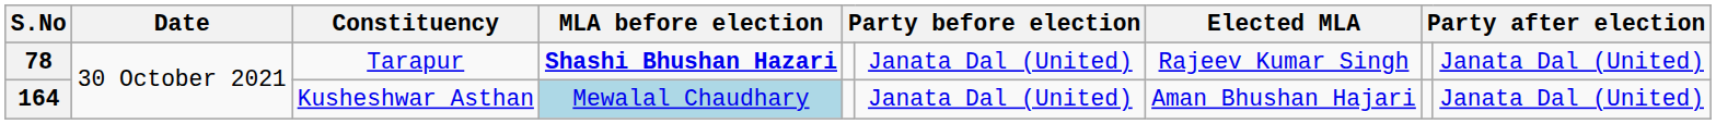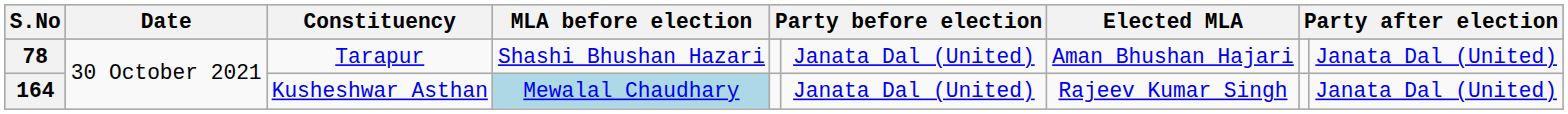 <table class="wikitable sortable" style="text-align:center;">
 <tr>
 <th>S.No</th>
 <th>Date</th>
 <th>Constituency</th>
 <th>MLA before election</th>
 <th colspan="2">Party before election</th>
 <th>Elected MLA</th>
 <th colspan="2">Party after election</th>
 </tr>
 <tr>
 <th>78</th>
 <td Rowspan=2>30 October 2021</td>
 <td><a href='#'>Tarapur</a></td>
-<td><strong><a href='#'>Shashi Bhushan Hazari</a></strong></td>
+<td><a href='#'>Shashi Bhushan Hazari</a></td>
 <td bgcolor=></td>
 <td><a href='#'>Janata Dal (United)</a></td>
-<td><a href='#'>Rajeev Kumar Singh</a></td>
+<td><a href='#'>Aman Bhushan Hajari</a></td>
 <td></td>
 <td><a href='#'>Janata Dal (United)</a></td>
 </tr>
 <tr>
 <th>164</th>
 <td><a href='#'>Kusheshwar Asthan</a></td>
 <td style="background: lightblue;"><a href='#'>Mewalal Chaudhary</a></td>
 <td bgcolor=></td>
 <td><a href='#'>Janata Dal (United)</a></td>
-<td><a href='#'>Aman Bhushan Hajari</a></td>
+<td><a href='#'>Rajeev Kumar Singh</a></td>
 <td></td>
 <td><a href='#'>Janata Dal (United)</a></td>
 </tr>
 </table>
